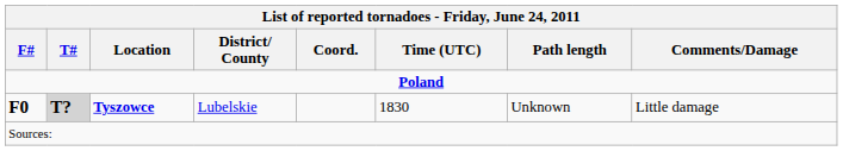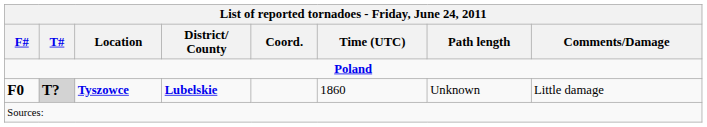 <table class="wikitable collapsible" width="100%">
 <tr>
 <th colspan="8">List of reported tornadoes - Friday, June 24, 2011</th>
 </tr>
 <tr>
 <th><a href='#'>F#</a></th>
 <th><a href='#'>T#</a></th>
 <th>Location</th>
 <th>District/<br>County</th>
 <th>Coord.</th>
 <th>Time (UTC)</th>
 <th>Path length</th>
 <th>Comments/Damage</th>
 </tr>
 <tr>
 <td colspan="8" align=center><strong><a href='#'>Poland</a></strong></td>
 </tr>
 <tr>
 <td><big><strong>F0</strong></big></td>
 <td style="background: lightgrey;"><big><strong>T?</strong></big></td>
 <td><strong><a href='#'>Tyszowce</a></strong></td>
-<td><a href='#'>Lubelskie</a></td>
+<td><strong><a href='#'>Lubelskie</a></strong></td>
 <td></td>
-<td>1830</td>
+<td>1860</td>
 <td>Unknown</td>
 <td>Little damage</td>
 </tr>
 <tr>
 <td colspan="8"><small>Sources:  </small></td>
 </tr>
 </table>
